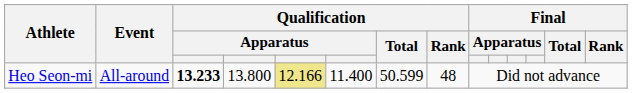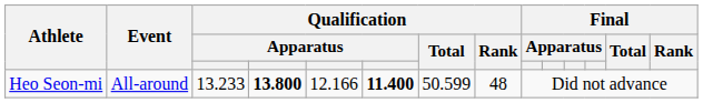 <table class="wikitable" style="font-size:90%">
 <tr>
 <th rowspan=3>Athlete</th>
 <th rowspan=3>Event</th>
 <th colspan=6>Qualification</th>
 <th colspan=6>Final</th>
 </tr>
 <tr style="font-size:95%">
 <th colspan=4>Apparatus</th>
 <th rowspan=2>Total</th>
 <th rowspan=2>Rank</th>
 <th colspan=4>Apparatus</th>
 <th rowspan=2>Total</th>
 <th rowspan=2>Rank</th>
 </tr>
 <tr style="font-size:95%">
 <th></th>
 <th></th>
 <th></th>
 <th></th>
 <th></th>
 <th></th>
 <th></th>
 <th></th>
 </tr>
 <tr align=center>
 <td align=left><a href='#'>Heo Seon-mi</a></td>
 <td align=left><a href='#'>All-around</a></td>
-<td><strong>13.233</strong></td>
-<td>13.800</td>
-<td style="background: khaki;">12.166</td>
-<td>11.400</td>
+<td>13.233</td>
+<td><strong>13.800</strong></td>
+<td>12.166</td>
+<td><strong>11.400</strong></td>
 <td>50.599</td>
 <td>48</td>
 <td colspan=6>Did not advance</td>
 </tr>
 </table>
